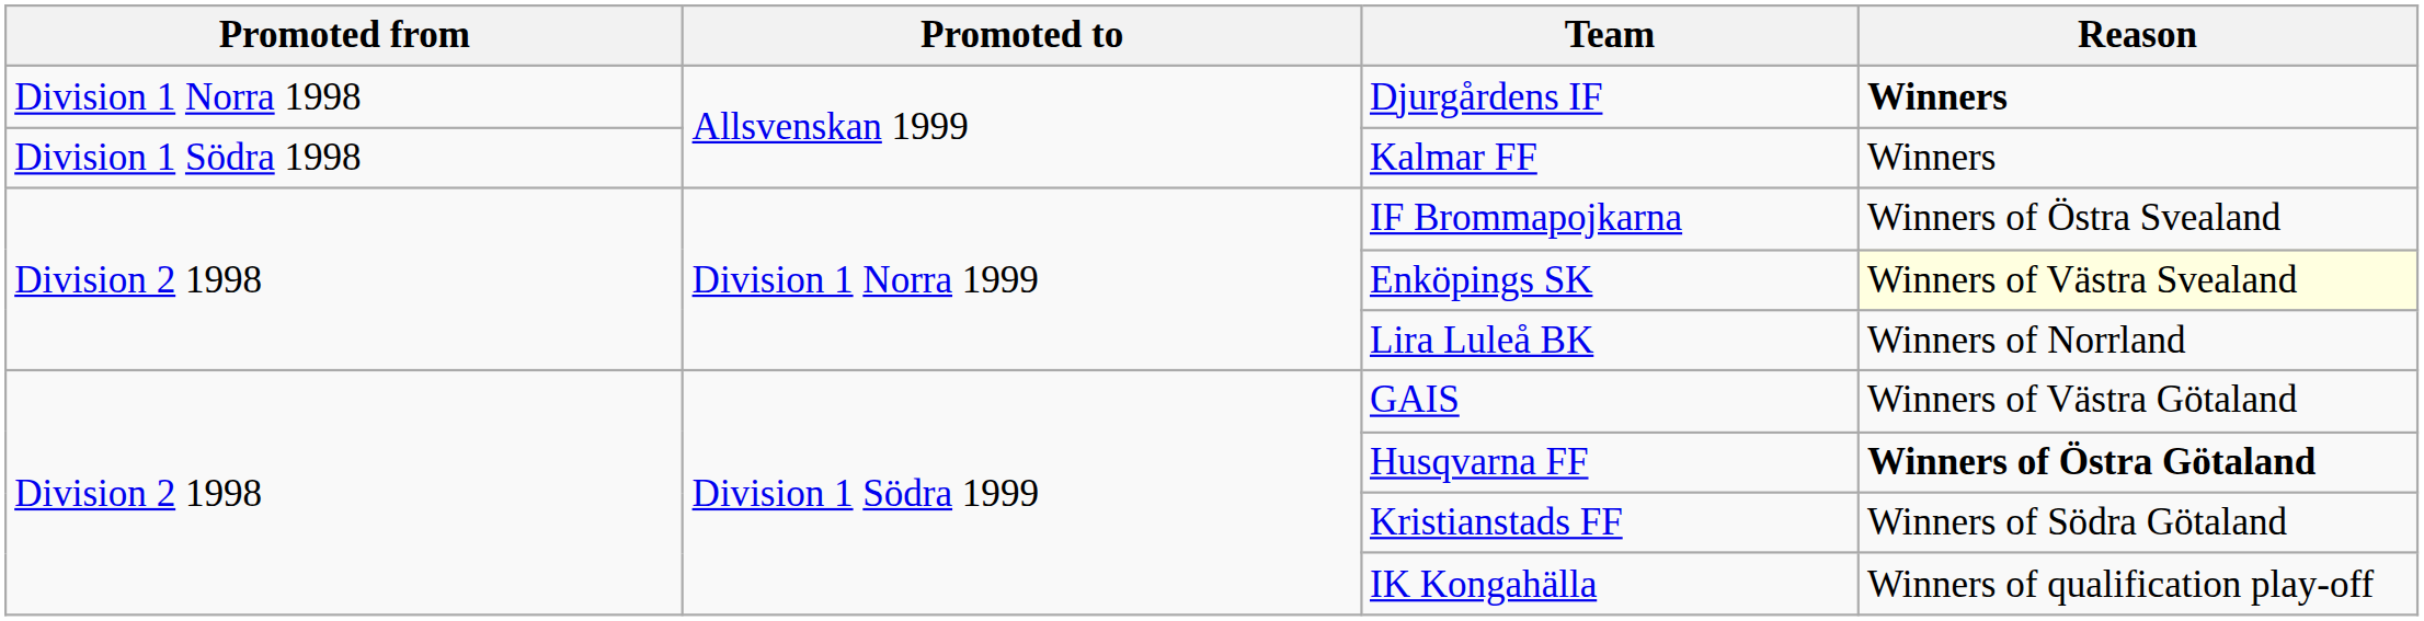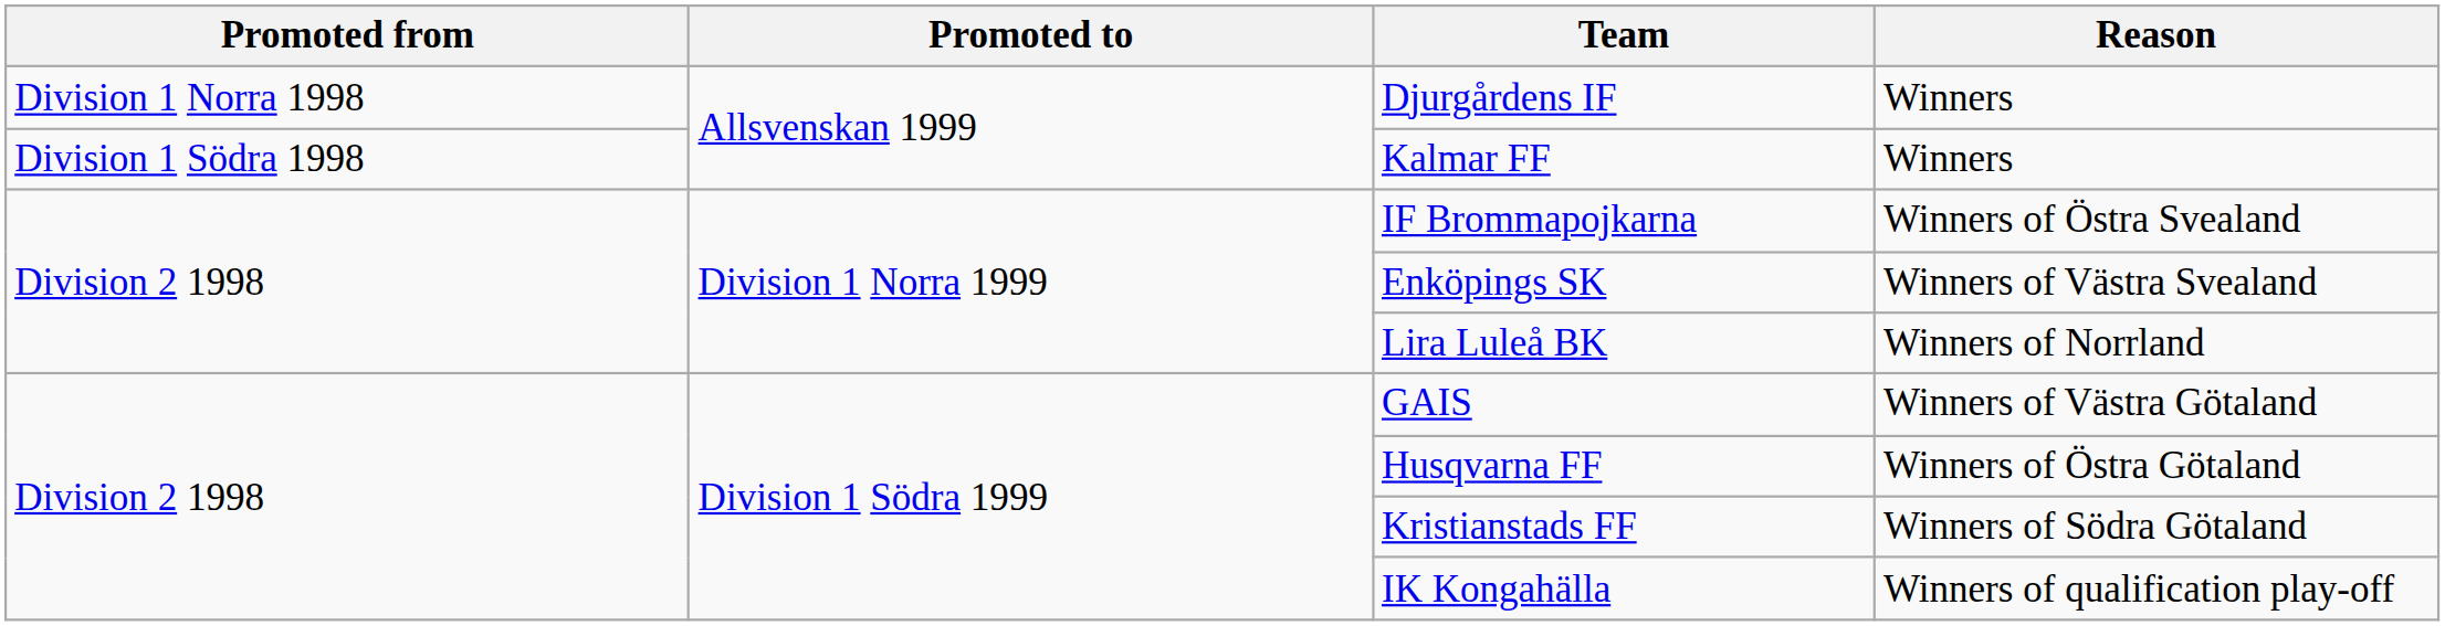 <table class="wikitable" style="text-align: left">
 <tr>
 <th style="width: 275px;">Promoted from</th>
 <th style="width: 275px;">Promoted to</th>
 <th style="width: 200px;">Team</th>
 <th style="width: 225px;">Reason</th>
 </tr>
 <tr>
 <td><a href='#'>Division 1</a> <a href='#'>Norra</a> 1998</td>
 <td rowspan="2"><a href='#'>Allsvenskan</a> 1999</td>
 <td><a href='#'>Djurgårdens IF</a></td>
-<td><strong>Winners</strong></td>
+<td>Winners</td>
 </tr>
 <tr>
 <td><a href='#'>Division 1</a> <a href='#'>Södra</a> 1998</td>
 <td><a href='#'>Kalmar FF</a></td>
 <td>Winners</td>
 </tr>
 <tr>
 <td rowspan="3"><a href='#'>Division 2</a> 1998</td>
 <td rowspan="3"><a href='#'>Division 1</a> <a href='#'>Norra</a> 1999</td>
 <td><a href='#'>IF Brommapojkarna</a></td>
 <td>Winners of Östra Svealand</td>
 </tr>
 <tr>
 <td><a href='#'>Enköpings SK</a></td>
-<td style="background: lightyellow;">Winners of Västra Svealand</td>
+<td>Winners of Västra Svealand</td>
 </tr>
 <tr>
 <td><a href='#'>Lira Luleå BK</a></td>
 <td>Winners of Norrland</td>
 </tr>
 <tr>
 <td rowspan="4"><a href='#'>Division 2</a> 1998</td>
 <td rowspan="4"><a href='#'>Division 1</a> <a href='#'>Södra</a> 1999</td>
 <td><a href='#'>GAIS</a></td>
 <td>Winners of Västra Götaland</td>
 </tr>
 <tr>
 <td><a href='#'>Husqvarna FF</a></td>
-<td><strong>Winners of Östra Götaland</strong></td>
+<td>Winners of Östra Götaland</td>
 </tr>
 <tr>
 <td><a href='#'>Kristianstads FF</a></td>
 <td>Winners of Södra Götaland</td>
 </tr>
 <tr>
 <td><a href='#'>IK Kongahälla</a></td>
 <td>Winners of qualification play-off</td>
 </tr>
 </table>
